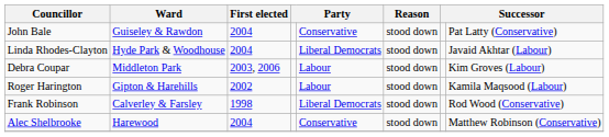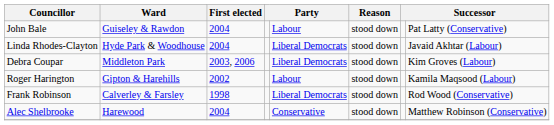 <table class="wikitable sortable" style="font-size:95%;">
 <tr>
 <th scope="col">Councillor</th>
 <th scope="col">Ward</th>
 <th scope="col">First elected</th>
 <th colspan="2" scope="col">Party</th>
 <th scope="col">Reason</th>
 <th colspan="2" scope="col">Successor</th>
 </tr>
 <tr>
 <td>John Bale</td>
 <td><a href='#'>Guiseley & Rawdon</a></td>
 <td><a href='#'>2004</a></td>
 <td width="1" style="color:inherit;background:"></td>
-<td><a href='#'>Conservative</a></td>
+<td><a href='#'>Labour</a></td>
 <td>stood down</td>
 <td width="1" style="color:inherit;background:"></td>
 <td>Pat Latty (<a href='#'>Conservative</a>)</td>
 </tr>
 <tr>
 <td>Linda Rhodes-Clayton</td>
 <td><a href='#'>Hyde Park</a> & <a href='#'>Woodhouse</a></td>
 <td><a href='#'>2004</a></td>
 <td width="1" style="color:inherit;background:"></td>
 <td><a href='#'>Liberal Democrats</a></td>
 <td>stood down</td>
 <td width="1" style="color:inherit;background:"></td>
 <td>Javaid Akhtar (<a href='#'>Labour</a>)</td>
 </tr>
 <tr>
 <td>Debra Coupar</td>
 <td><a href='#'>Middleton Park</a></td>
 <td><a href='#'>2003</a>, <a href='#'>2006</a></td>
 <td width="1" style="color:inherit;background:"></td>
-<td><a href='#'>Labour</a></td>
+<td><a href='#'>Liberal Democrats</a></td>
 <td>stood down</td>
 <td width="1" style="color:inherit;background:"></td>
 <td>Kim Groves (<a href='#'>Labour</a>)</td>
 </tr>
 <tr>
 <td>Roger Harington</td>
 <td><a href='#'>Gipton & Harehills</a></td>
 <td><a href='#'>2002</a></td>
 <td width="1" style="color:inherit;background:"></td>
 <td><a href='#'>Labour</a></td>
 <td>stood down</td>
 <td width="1" style="color:inherit;background:"></td>
 <td>Kamila Maqsood (<a href='#'>Labour</a>)</td>
 </tr>
 <tr>
 <td>Frank Robinson</td>
 <td><a href='#'>Calverley & Farsley</a></td>
 <td><a href='#'>1998</a></td>
 <td width="1" style="color:inherit;background:"></td>
 <td><a href='#'>Liberal Democrats</a></td>
 <td>stood down</td>
 <td width="1" style="color:inherit;background:"></td>
 <td>Rod Wood (<a href='#'>Conservative</a>)</td>
 </tr>
 <tr>
 <td><a href='#'>Alec Shelbrooke</a></td>
 <td><a href='#'>Harewood</a></td>
 <td><a href='#'>2004</a></td>
 <td width="1" style="color:inherit;background:"></td>
 <td><a href='#'>Conservative</a></td>
 <td>stood down</td>
 <td width="1" style="color:inherit;background:"></td>
 <td>Matthew Robinson (<a href='#'>Conservative</a>)</td>
 </tr>
 <tr>
 </tr>
 </table>
